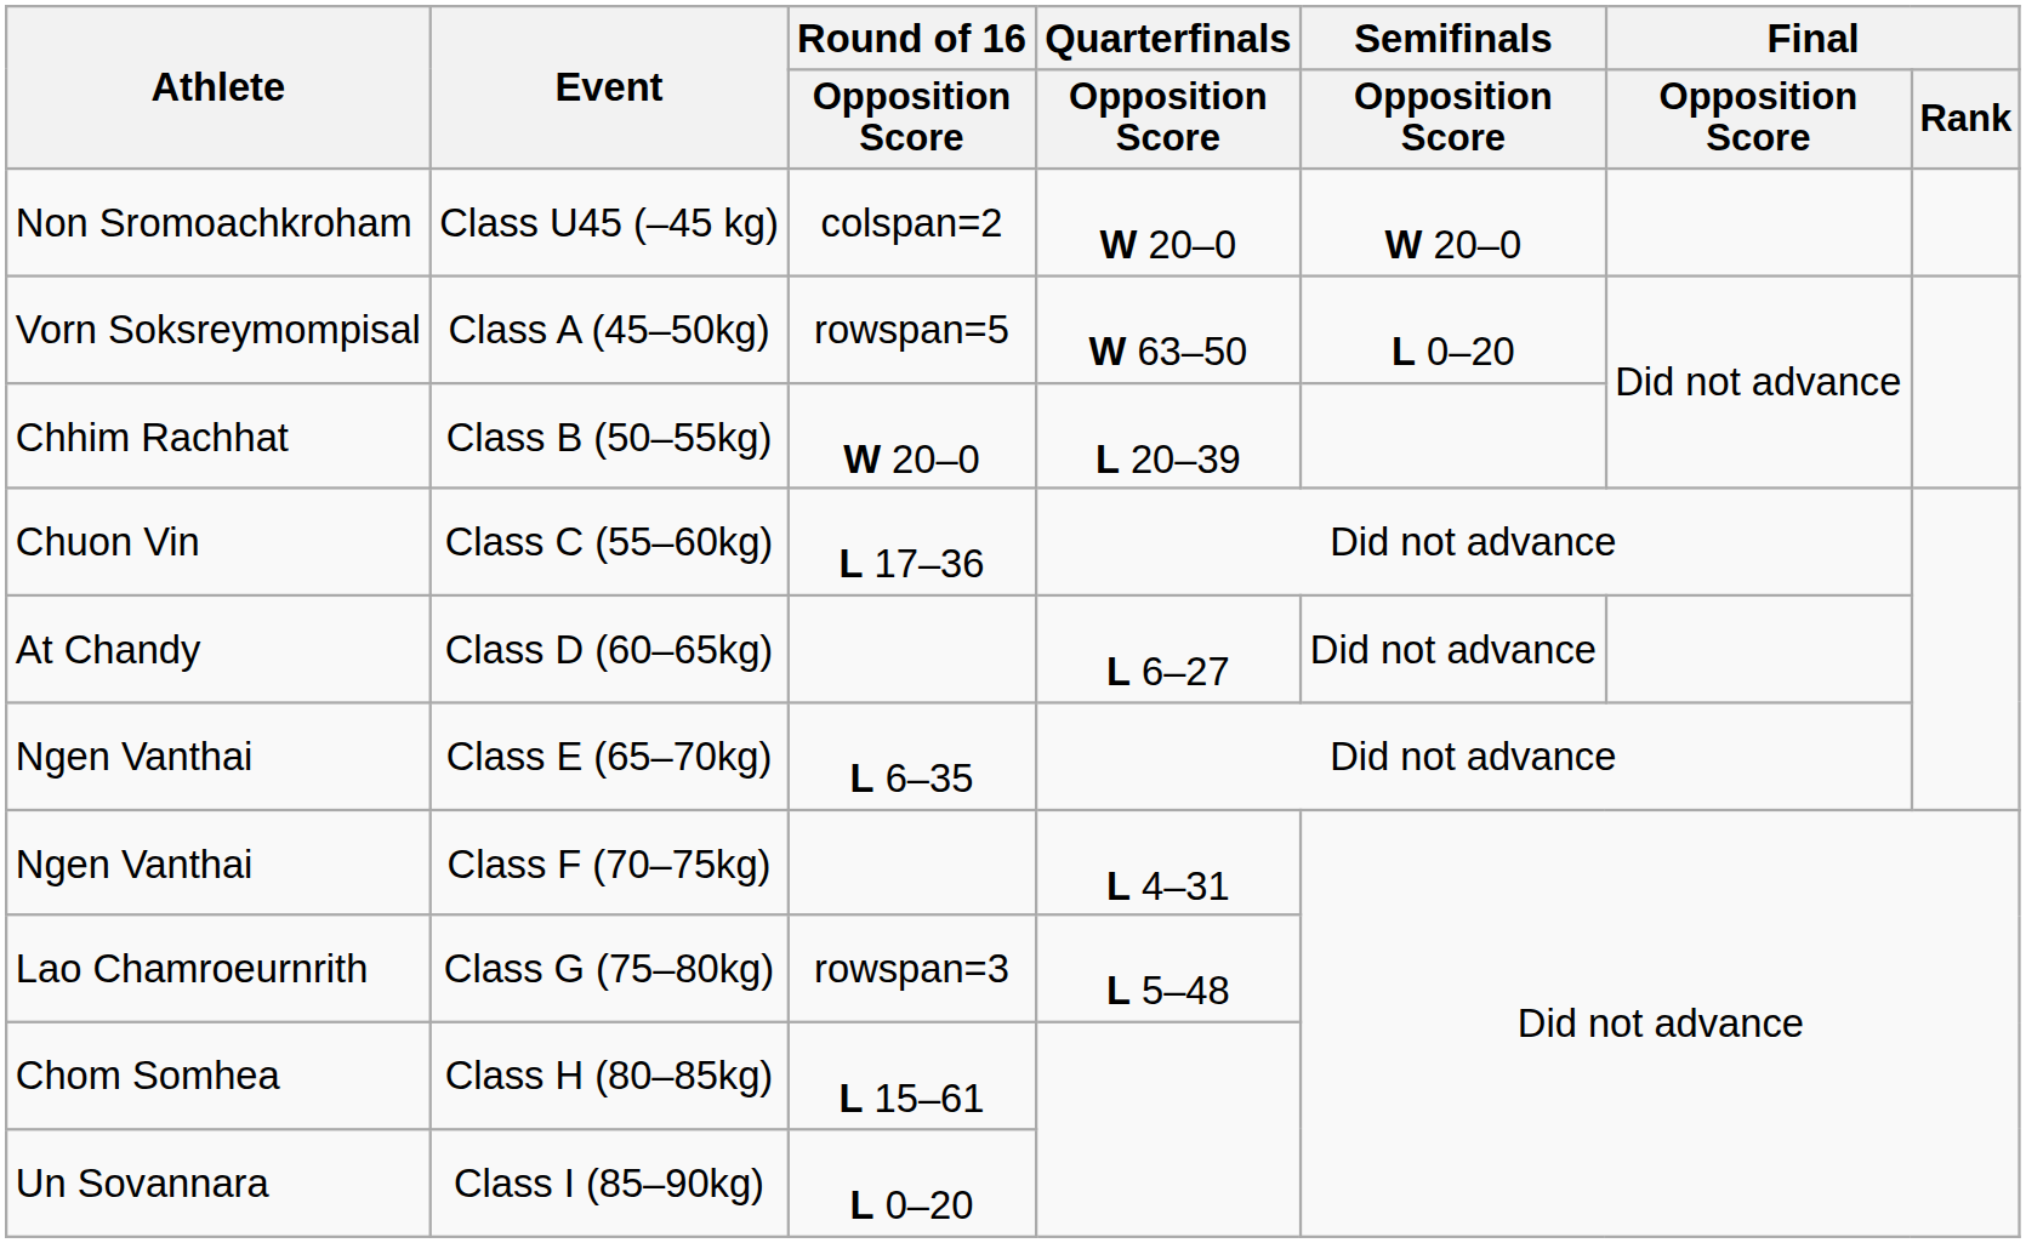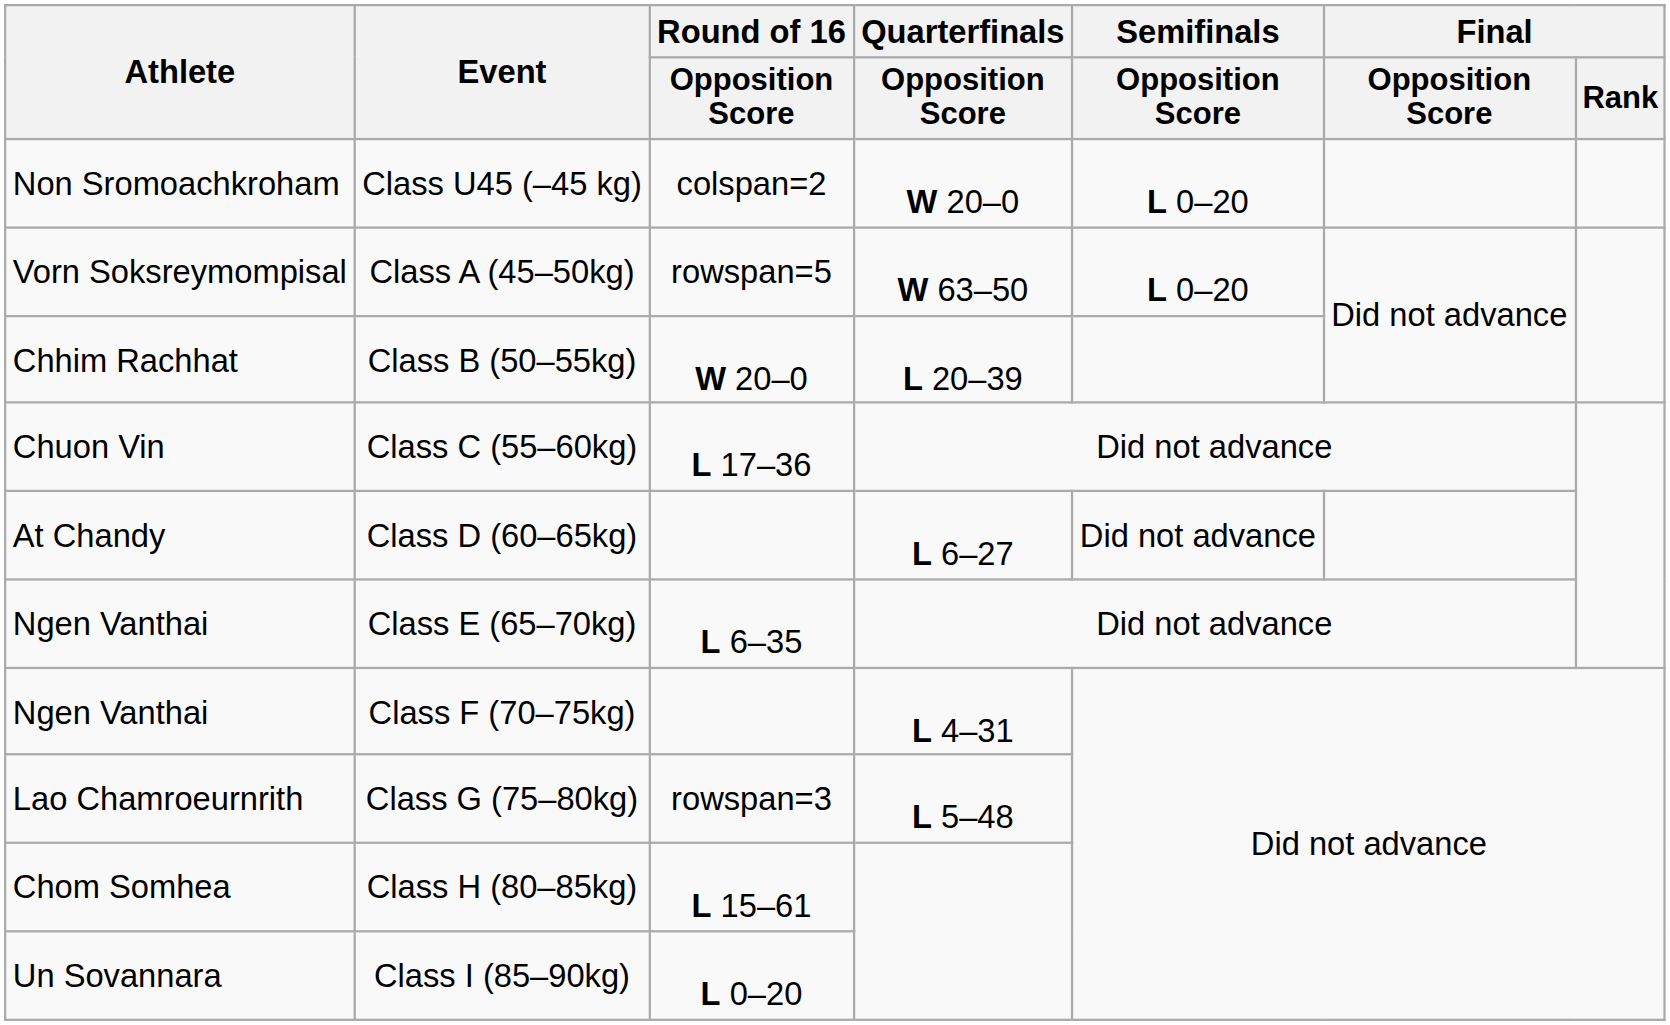 <table class="wikitable" style="font-size:90%">
 <tr>
 <th rowspan=2>Athlete</th>
 <th rowspan=2>Event</th>
 <th>Round of 16</th>
 <th>Quarterfinals</th>
 <th>Semifinals</th>
 <th colspan=2>Final</th>
 </tr>
 <tr style="font-size:95%">
 <th>Opposition<br>Score</th>
 <th>Opposition<br>Score</th>
 <th>Opposition<br>Score</th>
 <th>Opposition<br>Score</th>
 <th>Rank</th>
 </tr>
 <tr align=center>
 <td align=left>Non Sromoachkroham</td>
 <td align=center>Class U45 (–45 kg)</td>
 <td>colspan=2 </td>
 <td><br><strong>W</strong> 20–0</td>
-<td><br><strong>W</strong> 20–0</td>
+<td><br><strong>L</strong> 0–20</td>
 <td></td>
 </tr>
 <tr align=center>
 <td align=left>Vorn Soksreymompisal</td>
 <td align=center>Class A (45–50kg)</td>
 <td>rowspan=5</td>
 <td><br><strong>W</strong> 63–50</td>
 <td><br><strong>L</strong> 0–20</td>
 <td rowspan=2>Did not advance</td>
 <td rowspan=2></td>
 </tr>
 <tr align=center>
 <td align=left>Chhim Rachhat</td>
 <td align=center>Class B (50–55kg)</td>
 <td><br><strong>W</strong> 20–0</td>
 <td><br><strong>L</strong> 20–39</td>
 </tr>
 <tr align=center>
 <td align=left>Chuon Vin</td>
 <td align=center>Class C (55–60kg)</td>
 <td><br><strong>L</strong> 17–36</td>
 <td colspan=3>Did not advance</td>
 </tr>
 <tr align=center>
 <td align=left>At Chandy</td>
 <td align=center>Class D (60–65kg)</td>
 <td></td>
 <td><br><strong>L</strong> 6–27</td>
 <td>Did not advance</td>
 <td></td>
 </tr>
 <tr align=center>
 <td align=left>Ngen Vanthai</td>
 <td align=center>Class E (65–70kg)</td>
 <td><br><strong>L</strong> 6–35</td>
 <td colspan=3>Did not advance</td>
 </tr>
 <tr align=center>
 <td align=left>Ngen Vanthai</td>
 <td align=center>Class F (70–75kg)</td>
 <td></td>
 <td><br><strong>L</strong> 4–31</td>
 <td rowspan=4 colspan=3>Did not advance</td>
 </tr>
 <tr align=center>
 <td align=left>Lao Chamroeurnrith</td>
 <td align=center>Class G (75–80kg)</td>
 <td>rowspan=3 </td>
 <td><br><strong>L</strong> 5–48</td>
 </tr>
 <tr align=center>
 <td align=left>Chom Somhea</td>
 <td align=center>Class H (80–85kg)</td>
 <td><br><strong>L</strong> 15–61</td>
 </tr>
 <tr align=center>
 <td align=left>Un Sovannara</td>
 <td align=center>Class I (85–90kg)</td>
 <td><br><strong>L</strong> 0–20</td>
 </tr>
 </table>
